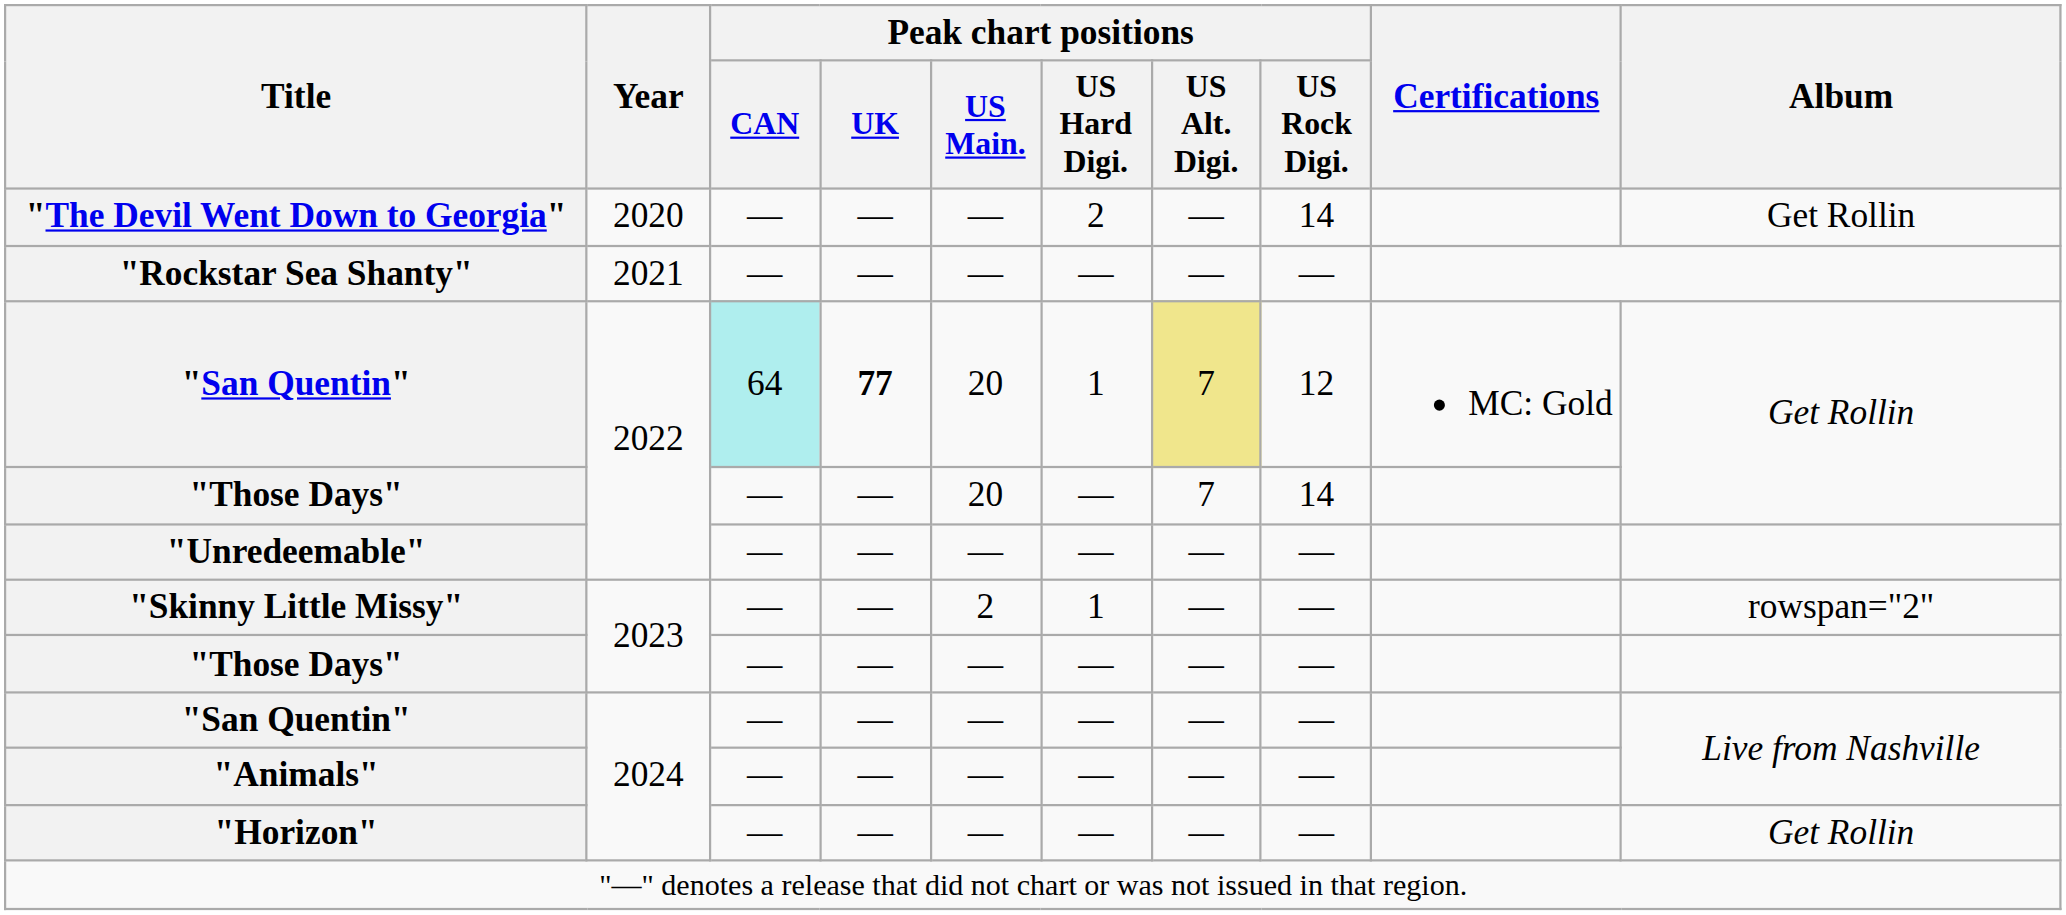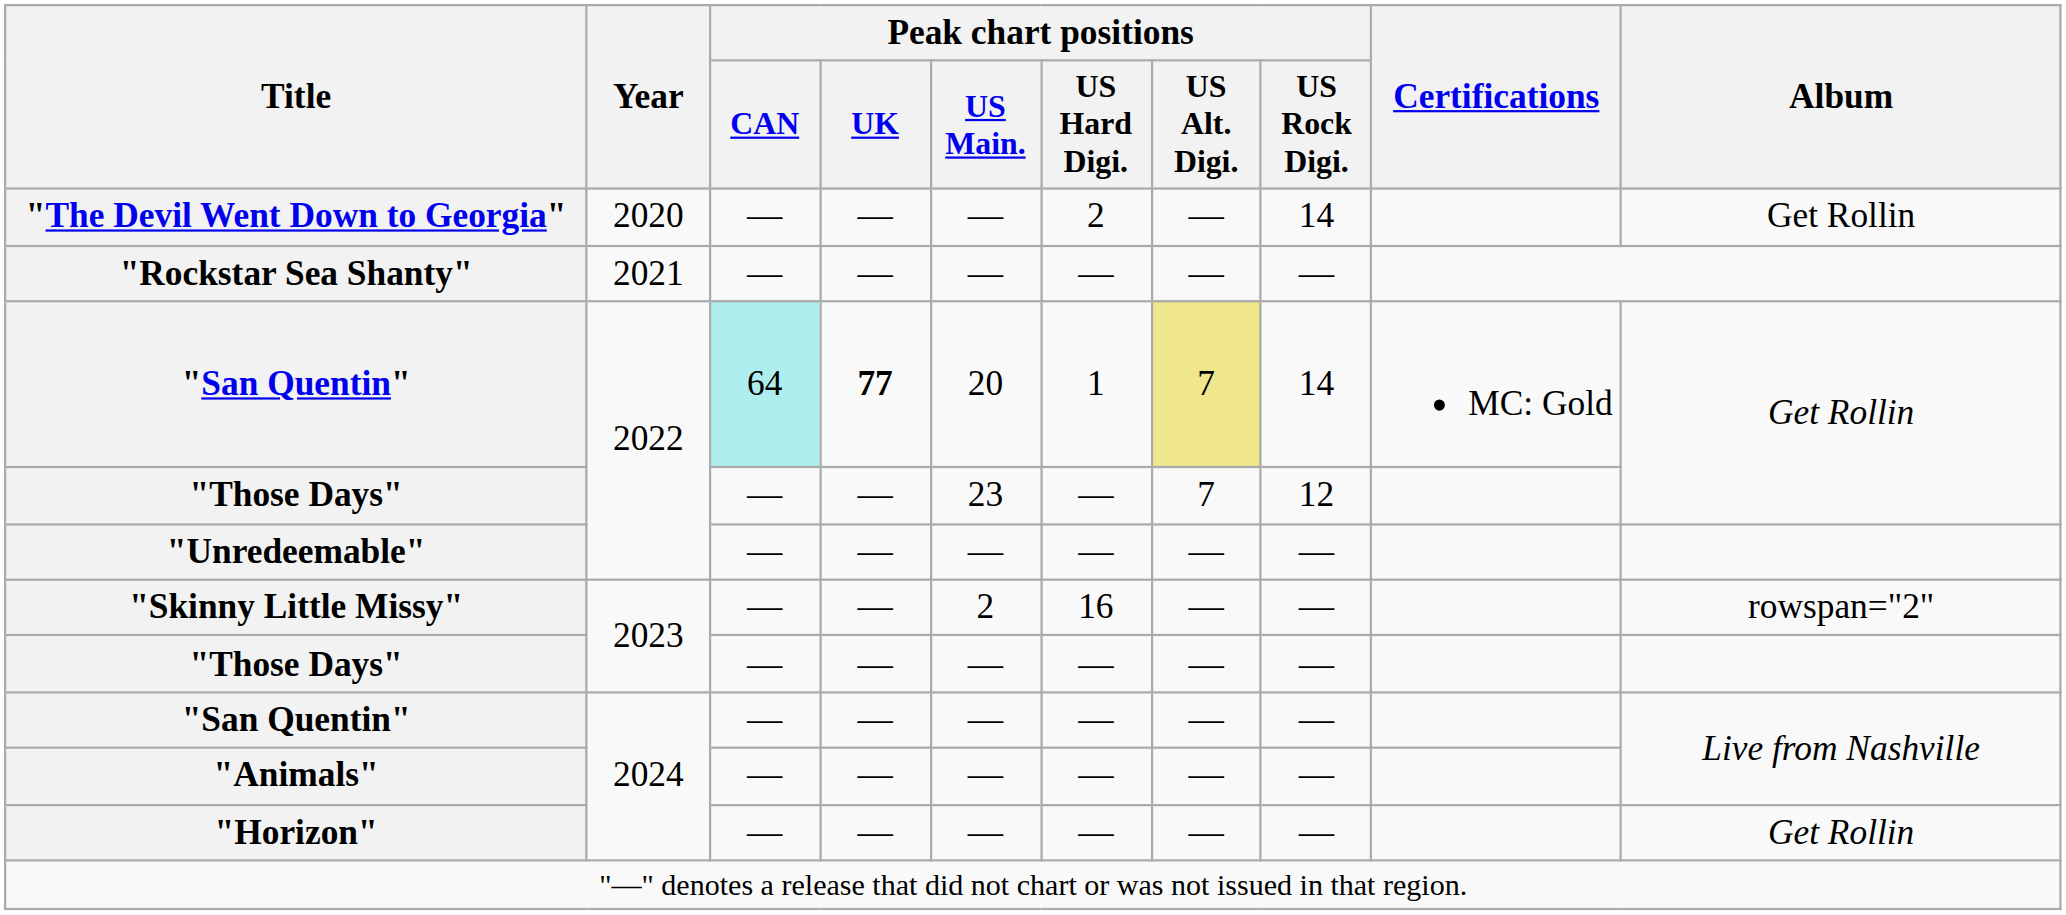 <table class="wikitable plainrowheaders" style="text-align:center;">
 <tr>
 <th scope="col" rowspan="2" style="width:16em;">Title</th>
 <th scope="col" rowspan="2" style="width:3em;">Year</th>
 <th scope="col" colspan="6">Peak chart positions</th>
 <th rowspan="2"><a href='#'>Certifications</a></th>
 <th rowspan="2" scope="col" style="width:12em;">Album</th>
 </tr>
 <tr>
 <th scope="col" style="width:3em;font-size:90%;"><a href='#'>CAN</a><br></th>
 <th scope="col" style="width:3em;font-size:90%;"><a href='#'>UK</a><br></th>
 <th scope="col" style="width:3em;font-size:90%;"><a href='#'>US<br>Main.</a><br></th>
 <th scope="col" style="width:3em;font-size:90%;">US<br>Hard<br>Digi.</th>
 <th scope="col" style="width:3em;font-size:90%;">US<br>Alt.<br>Digi.</th>
 <th scope="col" style="width:3em;font-size:90%;">US<br>Rock<br>Digi.</th>
 </tr>
 <tr>
 <th scope="row">"<a href='#'>The Devil Went Down to Georgia</a>"<br></th>
 <td>2020</td>
 <td>—</td>
 <td>—</td>
 <td>—</td>
 <td>2</td>
 <td>—</td>
 <td>14</td>
 <td></td>
 <td></em>Get Rollin</strong></td>
 </tr>
 <tr>
 <th scope="row">"Rockstar Sea Shanty"<br></th>
 <td>2021</td>
 <td>—</td>
 <td>—</td>
 <td>—</td>
 <td>—</td>
 <td>—</td>
 <td>—</td>
 </tr>
 <tr>
 <th scope="row">"<a href='#'>San Quentin</a>"</th>
 <td rowspan="3">2022</td>
 <td style="background: paleturquoise;">64</td>
 <td><strong>77</strong></td>
 <td>20</td>
 <td>1</td>
 <td style="background: khaki;">7</td>
-<td>12</td>
+<td>14</td>
 <td><br><ul><li>MC: Gold</li></ul></td>
 <td rowspan="2"><em>Get Rollin<strong></td>
 </tr>
 <tr>
 <th scope="row">"Those Days"</th>
 <td>—</td>
 <td>—</td>
-<td>20</td>
+<td>23</td>
 <td>—</td>
 <td>7</td>
-<td>14</td>
+<td>12</td>
 <td></td>
 </tr>
 <tr>
 <th scope="row">"Unredeemable" </th>
 <td>—</td>
 <td>—</td>
 <td>—</td>
 <td>—</td>
 <td>—</td>
 <td>—</td>
 <td></td>
 <td></td>
 </tr>
 <tr>
 <th scope="row">"Skinny Little Missy"</th>
 <td rowspan="2">2023</td>
 <td>—</td>
 <td>—</td>
 <td>2</td>
-<td>1</td>
+<td>16</td>
 <td>—</td>
 <td>—</td>
 <td></td>
 <td>rowspan="2" </td>
 </tr>
 <tr>
 <th scope="row">"Those Days" </th>
 <td>—</td>
 <td>—</td>
 <td>—</td>
 <td>—</td>
 <td>—</td>
 <td>—</td>
 <td></td>
 <td></td>
 </tr>
 <tr>
 <th scope="row">"San Quentin" </th>
 <td rowspan="3">2024</td>
 <td>—</td>
 <td>—</td>
 <td>—</td>
 <td>—</td>
 <td>—</td>
 <td>—</td>
 <td></td>
 <td rowspan="2"><em>Live from Nashville</em></td>
 </tr>
 <tr>
 <th scope="row">"Animals" </th>
 <td>—</td>
 <td>—</td>
 <td>—</td>
 <td>—</td>
 <td>—</td>
 <td>—</td>
 <td></td>
 </tr>
 <tr>
 <th scope="row">"Horizon"</th>
 <td>—</td>
 <td>—</td>
 <td>—</td>
 <td>—</td>
 <td>—</td>
 <td>—</td>
 <td></td>
 <td><em>Get Rollin<strong></td>
 </tr>
 <tr>
 <td colspan="15" align="center" style="font-size: 85%">"—" denotes a release that did not chart or was not issued in that region.</td>
 </tr>
 </table>
